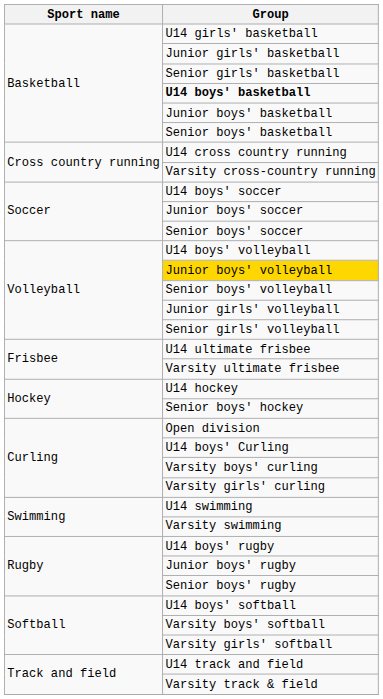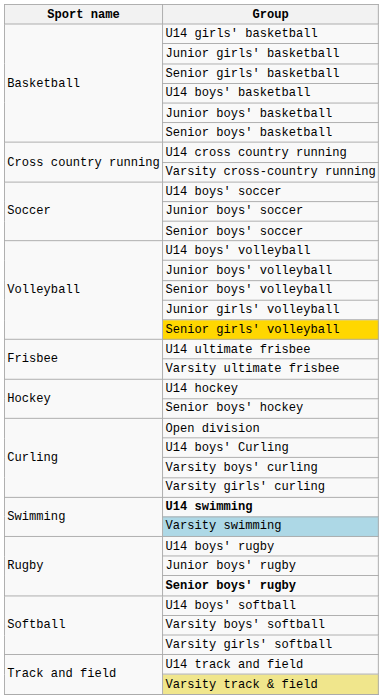 <table class="wikitable sortable">
 <tr>
 <th scope="col">Sport name</th>
 <th scope="col" class="unsortable">Group</th>
 </tr>
 <tr>
 <td rowspan=6>Basketball</td>
 <td>U14 girls' basketball</td>
 </tr>
 <tr>
 <td>Junior girls' basketball</td>
 </tr>
 <tr>
 <td>Senior girls' basketball</td>
 </tr>
 <tr>
-<td><strong>U14 boys' basketball</strong></td>
+<td>U14 boys' basketball</td>
 </tr>
 <tr>
 <td>Junior boys' basketball</td>
 </tr>
 <tr>
 <td>Senior boys' basketball</td>
 </tr>
 <tr>
 <td rowspan=2>Cross country running</td>
 <td>U14 cross country running</td>
 </tr>
 <tr>
 <td>Varsity cross-country running</td>
 </tr>
 <tr>
 <td rowspan=3>Soccer</td>
 <td>U14 boys' soccer</td>
 </tr>
 <tr>
 <td>Junior boys' soccer</td>
 </tr>
 <tr>
 <td>Senior boys' soccer</td>
 </tr>
 <tr>
 <td rowspan=5>Volleyball</td>
 <td>U14 boys' volleyball</td>
 </tr>
 <tr>
-<td style="background: gold;">Junior boys' volleyball</td>
+<td>Junior boys' volleyball</td>
 </tr>
 <tr>
 <td>Senior boys' volleyball</td>
 </tr>
 <tr>
 <td>Junior girls' volleyball</td>
 </tr>
 <tr>
-<td>Senior girls' volleyball</td>
+<td style="background: gold;">Senior girls' volleyball</td>
 </tr>
 <tr>
 <td rowspan=2>Frisbee</td>
 <td>U14 ultimate frisbee</td>
 </tr>
 <tr>
 <td>Varsity ultimate frisbee</td>
 </tr>
 <tr>
 <td rowspan=2>Hockey</td>
 <td>U14 hockey</td>
 </tr>
 <tr>
 <td>Senior boys' hockey</td>
 </tr>
 <tr>
 <td rowspan=4>Curling</td>
 <td>Open division</td>
 </tr>
 <tr>
 <td>U14 boys' Curling</td>
 </tr>
 <tr>
 <td>Varsity boys' curling</td>
 </tr>
 <tr>
 <td>Varsity girls' curling</td>
 </tr>
 <tr>
 <td rowspan=2>Swimming</td>
-<td>U14 swimming</td>
+<td><strong>U14 swimming</strong></td>
 </tr>
 <tr>
-<td>Varsity swimming</td>
+<td style="background: lightblue;">Varsity swimming</td>
 </tr>
 <tr>
 <td rowspan=3>Rugby</td>
 <td>U14 boys' rugby</td>
 </tr>
 <tr>
 <td>Junior boys' rugby</td>
 </tr>
 <tr>
-<td>Senior boys' rugby</td>
+<td><strong>Senior boys' rugby</strong></td>
 </tr>
 <tr>
 <td rowspan=3>Softball</td>
 <td>U14 boys' softball</td>
 </tr>
 <tr>
 <td>Varsity boys' softball</td>
 </tr>
 <tr>
 <td>Varsity girls' softball</td>
 </tr>
 <tr>
 <td rowspan=2>Track and field</td>
 <td>U14 track and field</td>
 </tr>
 <tr>
-<td>Varsity track & field</td>
+<td style="background: khaki;">Varsity track & field</td>
 </tr>
 <tr>
 </tr>
 </table>
